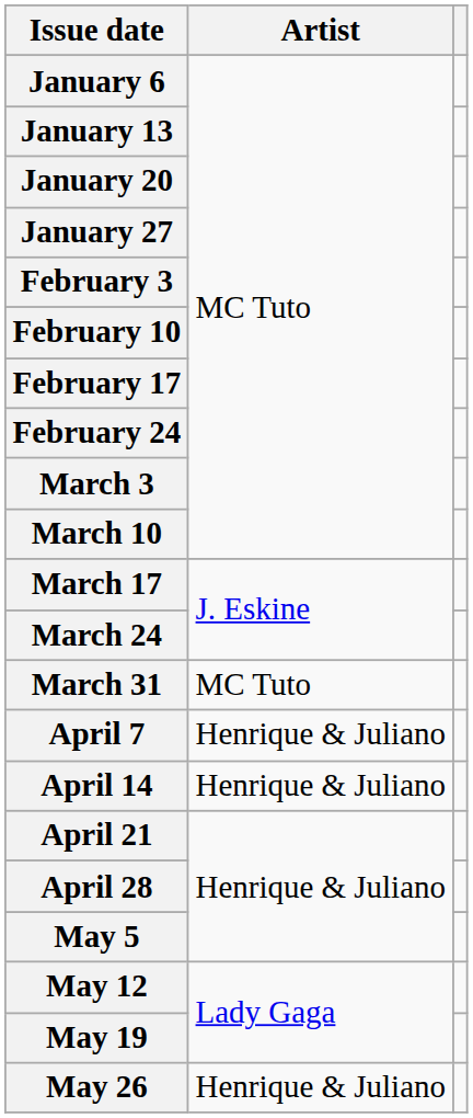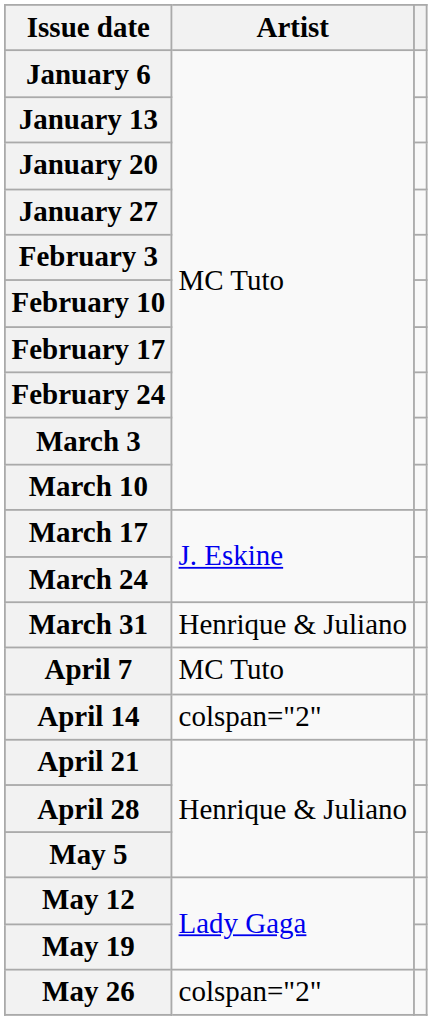 <table class="wikitable plainrowheaders">
 <tr>
 <th scope="col">Issue date</th>
 <th>Artist</th>
 <th></th>
 </tr>
 <tr>
 <th scope="row">January 6</th>
 <td rowspan="10">MC Tuto</td>
 <td></td>
 </tr>
 <tr>
 <th scope="row">January 13</th>
 <td></td>
 </tr>
 <tr>
 <th scope="row">January 20</th>
 <td></td>
 </tr>
 <tr>
 <th scope="row">January 27</th>
 <td></td>
 </tr>
 <tr>
 <th scope="row">February 3</th>
 <td></td>
 </tr>
 <tr>
 <th scope="row">February 10</th>
 <td></td>
 </tr>
 <tr>
 <th scope="row">February 17</th>
 <td></td>
 </tr>
 <tr>
 <th scope="row">February 24</th>
 <td></td>
 </tr>
 <tr>
 <th scope="row">March 3</th>
 <td></td>
 </tr>
 <tr>
 <th scope="row">March 10</th>
 <td></td>
 </tr>
 <tr>
 <th scope="row">March 17</th>
 <td rowspan="2"><a href='#'>J. Eskine</a></td>
 <td></td>
 </tr>
 <tr>
 <th scope="row">March 24</th>
 <td></td>
 </tr>
 <tr>
 <th scope="row">March 31</th>
+<td>Henrique & Juliano</td>
+<td></td>
+</tr>
+<tr>
+<th scope="row">April 7</th>
 <td>MC Tuto</td>
 <td></td>
 </tr>
 <tr>
-<th scope="row">April 7</th>
-<td>Henrique & Juliano</td>
-<td></td>
-</tr>
-<tr>
 <th scope="row">April 14</th>
-<td>Henrique & Juliano</td>
+<td>colspan="2" </td>
 </tr>
 <tr>
 <th scope="row">April 21</th>
 <td rowspan="3">Henrique & Juliano</td>
 <td></td>
 </tr>
 <tr>
 <th scope="row">April 28</th>
 <td></td>
 </tr>
 <tr>
 <th scope="row">May 5</th>
 <td></td>
 </tr>
 <tr>
 <th scope="row">May 12</th>
 <td rowspan="2"><a href='#'>Lady Gaga</a></td>
 <td></td>
 </tr>
 <tr>
 <th scope="row">May 19</th>
 <td></td>
 </tr>
 <tr>
 <th scope="row">May 26</th>
-<td>Henrique & Juliano</td>
+<td>colspan="2" </td>
 <td></td>
 </tr>
 </table>
